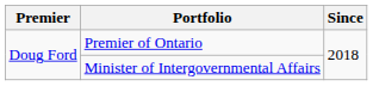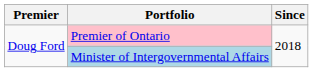 <table class="wikitable sortable">
 <tr>
 <th>Premier</th>
 <th>Portfolio</th>
 <th>Since</th>
 </tr>
 <tr>
 <td rowspan="2"><a href='#'>Doug Ford</a></td>
-<td><a href='#'>Premier of Ontario</a></td>
+<td style="background: pink;"><a href='#'>Premier of Ontario</a></td>
 <td rowspan="2">2018</td>
 </tr>
 <tr>
-<td><a href='#'>Minister of Intergovernmental Affairs</a></td>
+<td style="background: lightblue;"><a href='#'>Minister of Intergovernmental Affairs</a></td>
 </tr>
 </table>
